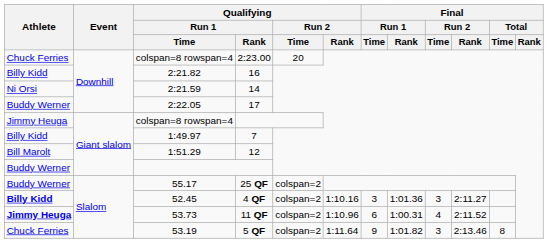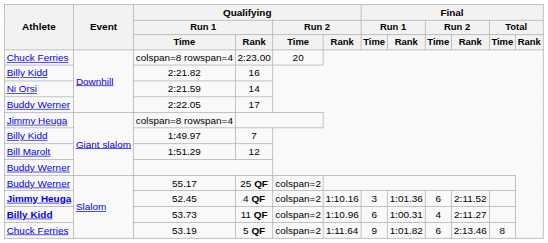 <table class=wikitable style=font-size:90%;text-align:center>
 <tr>
 <th rowspan=3>Athlete</th>
 <th rowspan=3>Event</th>
 <th colspan=4>Qualifying</th>
 <th colspan=6>Final</th>
 </tr>
 <tr style=font-size:95%>
 <th colspan=2>Run 1</th>
 <th colspan=2>Run 2</th>
 <th colspan=2>Run 1</th>
 <th colspan=2>Run 2</th>
 <th colspan=2>Total</th>
 </tr>
 <tr style=font-size:95%>
 <th>Time</th>
 <th>Rank</th>
 <th>Time</th>
 <th>Rank</th>
 <th>Time</th>
 <th>Rank</th>
 <th>Time</th>
 <th>Rank</th>
 <th>Time</th>
 <th>Rank</th>
 </tr>
 <tr>
 <td align=left><a href='#'>Chuck Ferries</a></td>
 <td align=left rowspan=4><a href='#'>Downhill</a></td>
 <td>colspan=8 rowspan=4 </td>
 <td>2:23.00</td>
 <td>20</td>
 </tr>
 <tr>
 <td align=left><a href='#'>Billy Kidd</a></td>
 <td>2:21.82</td>
 <td>16</td>
 </tr>
 <tr>
 <td align=left><a href='#'>Ni Orsi</a></td>
 <td>2:21.59</td>
 <td>14</td>
 </tr>
 <tr>
 <td align=left><a href='#'>Buddy Werner</a></td>
 <td>2:22.05</td>
 <td>17</td>
 </tr>
 <tr>
 <td align=left><a href='#'>Jimmy Heuga</a></td>
 <td align=left rowspan=4><a href='#'>Giant slalom</a></td>
 <td>colspan=8 rowspan=4 </td>
 <td colspan=2></td>
 </tr>
 <tr>
 <td align=left><a href='#'>Billy Kidd</a></td>
 <td>1:49.97</td>
 <td>7</td>
 </tr>
 <tr>
 <td align=left><a href='#'>Bill Marolt</a></td>
 <td>1:51.29</td>
 <td>12</td>
 </tr>
 <tr>
 <td align=left><a href='#'>Buddy Werner</a></td>
 <td colspan=2></td>
 </tr>
 <tr>
 <td align=left><a href='#'>Buddy Werner</a></td>
 <td align=left rowspan=4><a href='#'>Slalom</a></td>
 <td>55.17</td>
 <td>25 <strong>QF</strong></td>
 <td>colspan=2 </td>
 <td colspan=6></td>
 </tr>
 <tr>
-<td align=left><strong><a href='#'>Billy Kidd</a></strong></td>
+<td align=left><strong><a href='#'>Jimmy Heuga</a></strong></td>
 <td>52.45</td>
 <td>4 <strong>QF</strong></td>
 <td>colspan=2 </td>
 <td>1:10.16</td>
 <td>3</td>
 <td>1:01.36</td>
-<td>3</td>
-<td>2:11.27</td>
+<td>6</td>
+<td>2:11.52</td>
 <td></td>
 </tr>
 <tr>
-<td align=left><strong><a href='#'>Jimmy Heuga</a></strong></td>
+<td align=left><strong><a href='#'>Billy Kidd</a></strong></td>
 <td>53.73</td>
 <td>11 <strong>QF</strong></td>
 <td>colspan=2 </td>
 <td>1:10.96</td>
 <td>6</td>
 <td>1:00.31</td>
 <td>4</td>
-<td>2:11.52</td>
+<td>2:11.27</td>
 <td></td>
 </tr>
 <tr>
 <td align=left><a href='#'>Chuck Ferries</a></td>
 <td>53.19</td>
 <td>5 <strong>QF</strong></td>
 <td>colspan=2 </td>
 <td>1:11.64</td>
 <td>9</td>
 <td>1:01.82</td>
-<td>3</td>
+<td>6</td>
 <td>2:13.46</td>
 <td>8</td>
 </tr>
 </table>
